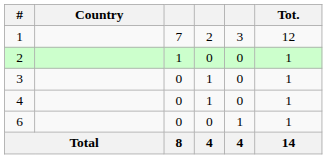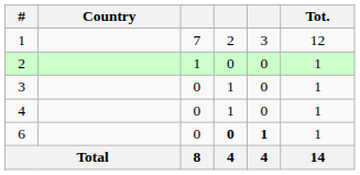 <table class="wikitable" width=30% style="font-size:100%; text-align:center;">
 <tr>
 <th>#</th>
 <th>Country</th>
 <th></th>
 <th></th>
 <th></th>
 <th>Tot.</th>
 </tr>
 <tr>
 <td>1</td>
 <td style="text-align: left"></td>
 <td>7</td>
 <td>2</td>
 <td>3</td>
 <td>12</td>
 </tr>
 <tr bgcolor=ccffcc>
 <td>2</td>
 <td style="text-align: left"></td>
 <td>1</td>
 <td>0</td>
 <td>0</td>
 <td>1</td>
 </tr>
 <tr>
 <td>3</td>
 <td style="text-align: left"></td>
 <td>0</td>
 <td>1</td>
 <td>0</td>
 <td>1</td>
 </tr>
 <tr>
 <td>4</td>
 <td style="text-align: left"></td>
 <td>0</td>
 <td>1</td>
 <td>0</td>
 <td>1</td>
 </tr>
 <tr>
 <td>6</td>
 <td style="text-align: left"></td>
 <td>0</td>
-<td>0</td>
-<td>1</td>
+<td><strong>0</strong></td>
+<td><strong>1</strong></td>
 <td>1</td>
 </tr>
 <tr class="sortbottom">
 <th colspan=2>Total</th>
 <th>8</th>
 <th>4</th>
 <th>4</th>
 <th>14</th>
 </tr>
 </table>
